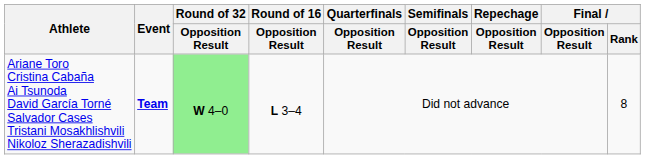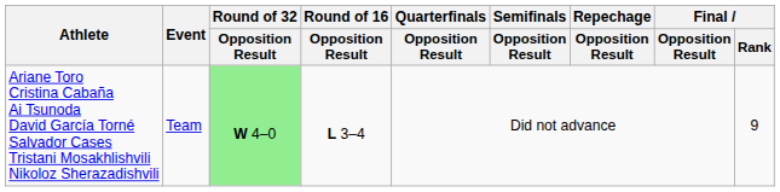 <table class="wikitable" style="font-size:90%">
 <tr>
 <th rowspan="2">Athlete</th>
 <th rowspan="2">Event</th>
 <th>Round of 32</th>
 <th>Round of 16</th>
 <th>Quarterfinals</th>
 <th>Semifinals</th>
 <th>Repechage</th>
 <th colspan=2>Final / </th>
 </tr>
 <tr style="font-size:95%">
 <th>Opposition<br>Result</th>
 <th>Opposition<br>Result</th>
 <th>Opposition<br>Result</th>
 <th>Opposition<br>Result</th>
 <th>Opposition<br>Result</th>
 <th>Opposition<br>Result</th>
 <th>Rank</th>
 </tr>
 <tr align=center>
 <td align=left><a href='#'>Ariane Toro</a><br><a href='#'>Cristina Cabaña</a><br><a href='#'>Ai Tsunoda</a><br><a href='#'>David García Torné</a><br><a href='#'>Salvador Cases</a><br><a href='#'>Tristani Mosakhlishvili</a><br><a href='#'>Nikoloz Sherazadishvili</a></td>
-<td align=left><strong><a href='#'>Team</a></strong></td>
+<td align=left><a href='#'>Team</a></td>
 <td style="background: lightgreen;"><br><strong>W</strong> 4–0</td>
 <td><br><strong>L</strong> 3–4</td>
 <td colspan=4>Did not advance</td>
-<td>8</td>
+<td>9</td>
 </tr>
 </table>
